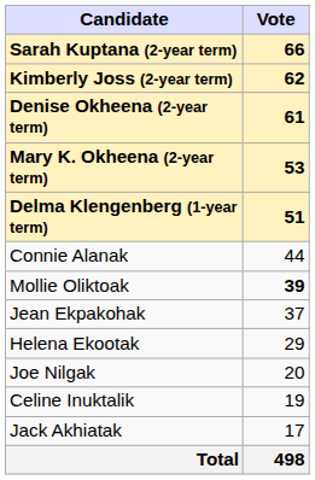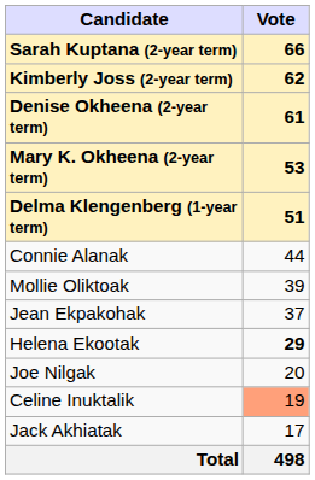 <table class="wikitable">
 <tr>
 <th width="200px" style="background:#ddf;">Candidate</th>
 <th width="50px" style="background:#ddf;">Vote</th>
 </tr>
 <tr>
 <td style="background:#fff2bf;"><strong>Sarah Kuptana <small>(2-year term)</small></strong></td>
 <td style="text-align:right;background:#fff2bf;"><strong>66</strong></td>
 </tr>
 <tr>
 <td style="background:#fff2bf;"><strong>Kimberly Joss <small>(2-year term)</small></strong></td>
 <td style="text-align:right;background:#fff2bf;"><strong>62</strong></td>
 </tr>
 <tr>
 <td style="background:#fff2bf;"><strong>Denise Okheena <small>(2-year term)</small></strong></td>
 <td style="text-align:right;background:#fff2bf;"><strong>61</strong></td>
 </tr>
 <tr>
 <td style="background:#fff2bf;"><strong>Mary K. Okheena <small>(2-year term)</small></strong></td>
 <td style="text-align:right;background:#fff2bf;"><strong>53</strong></td>
 </tr>
 <tr>
 <td style="background:#fff2bf;"><strong>Delma Klengenberg <small>(1-year term)</small></strong></td>
 <td style="text-align:right;background:#fff2bf;"><strong>51</strong></td>
 </tr>
 <tr>
 <td style="text-align:left;">Connie Alanak</td>
 <td style="text-align:right;">44</td>
 </tr>
 <tr>
 <td style="text-align:left;">Mollie Oliktoak</td>
-<td style="text-align:right;"><strong>39</strong></td>
+<td style="text-align:right;">39</td>
 </tr>
 <tr>
 <td style="text-align:left;">Jean Ekpakohak</td>
 <td style="text-align:right;">37</td>
 </tr>
 <tr>
 <td style="text-align:left;">Helena Ekootak</td>
-<td style="text-align:right;">29</td>
+<td style="text-align:right;"><strong>29</strong></td>
 </tr>
 <tr>
 <td style="text-align:left;">Joe Nilgak</td>
 <td style="text-align:right;">20</td>
 </tr>
 <tr>
 <td style="text-align:left;">Celine Inuktalik</td>
-<td style="text-align:right;">19</td>
+<td style="background: lightsalmon; text-align:right;">19</td>
 </tr>
 <tr>
 <td style="text-align:left;">Jack Akhiatak</td>
 <td style="text-align:right;">17</td>
 </tr>
 <tr>
 <td style="text-align:right;background-color:#f2f2f2;"><strong>Total</strong></td>
 <td style="text-align:right;background-color:#f2f2f2;"><strong>498</strong></td>
 </tr>
 </table>
